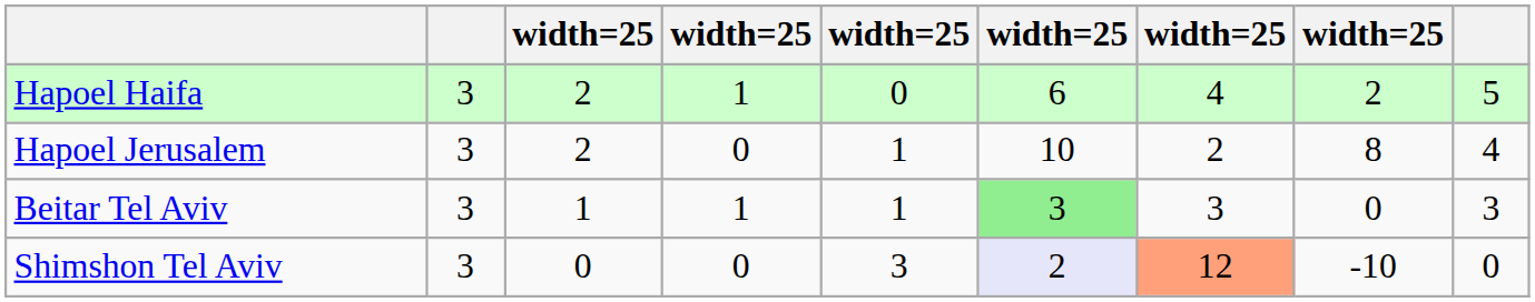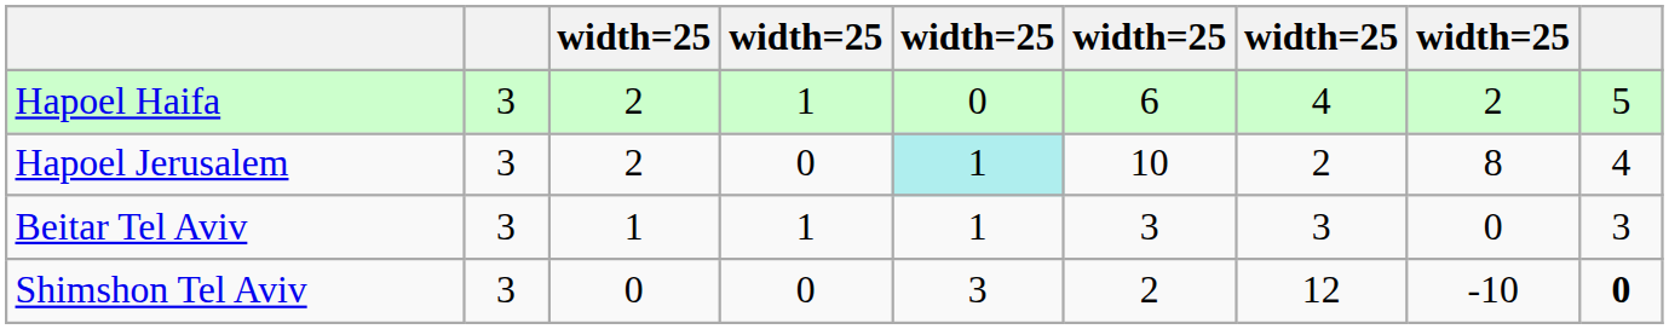 <table class="wikitable" style="text-align: center; font-size: 90%;">
 <tr>
 <th width=165></th>
 <th width=25></th>
 <th>width=25</th>
 <th>width=25</th>
 <th>width=25</th>
 <th>width=25</th>
 <th>width=25</th>
 <th>width=25</th>
 <th width=25></th>
 </tr>
 <tr bgcolor="#ccffcc">
 <td align="left"><a href='#'>Hapoel Haifa</a></td>
 <td>3</td>
 <td>2</td>
 <td>1</td>
 <td>0</td>
 <td>6</td>
 <td>4</td>
 <td>2</td>
 <td>5</td>
 </tr>
 <tr>
 <td align="left"><a href='#'>Hapoel Jerusalem</a></td>
 <td>3</td>
 <td>2</td>
 <td>0</td>
-<td>1</td>
+<td style="background: paleturquoise;">1</td>
 <td>10</td>
 <td>2</td>
 <td>8</td>
 <td>4</td>
 </tr>
 <tr>
 <td align="left"><a href='#'>Beitar Tel Aviv</a></td>
 <td>3</td>
 <td>1</td>
 <td>1</td>
 <td>1</td>
-<td style="background: lightgreen;">3</td>
+<td>3</td>
 <td>3</td>
 <td>0</td>
 <td>3</td>
 </tr>
 <tr>
 <td align="left"><a href='#'>Shimshon Tel Aviv</a></td>
 <td>3</td>
 <td>0</td>
 <td>0</td>
 <td>3</td>
-<td style="background: lavender;">2</td>
-<td style="background: lightsalmon;">12</td>
+<td>2</td>
+<td>12</td>
 <td>-10</td>
-<td>0</td>
+<td><strong>0</strong></td>
 </tr>
 </table>
